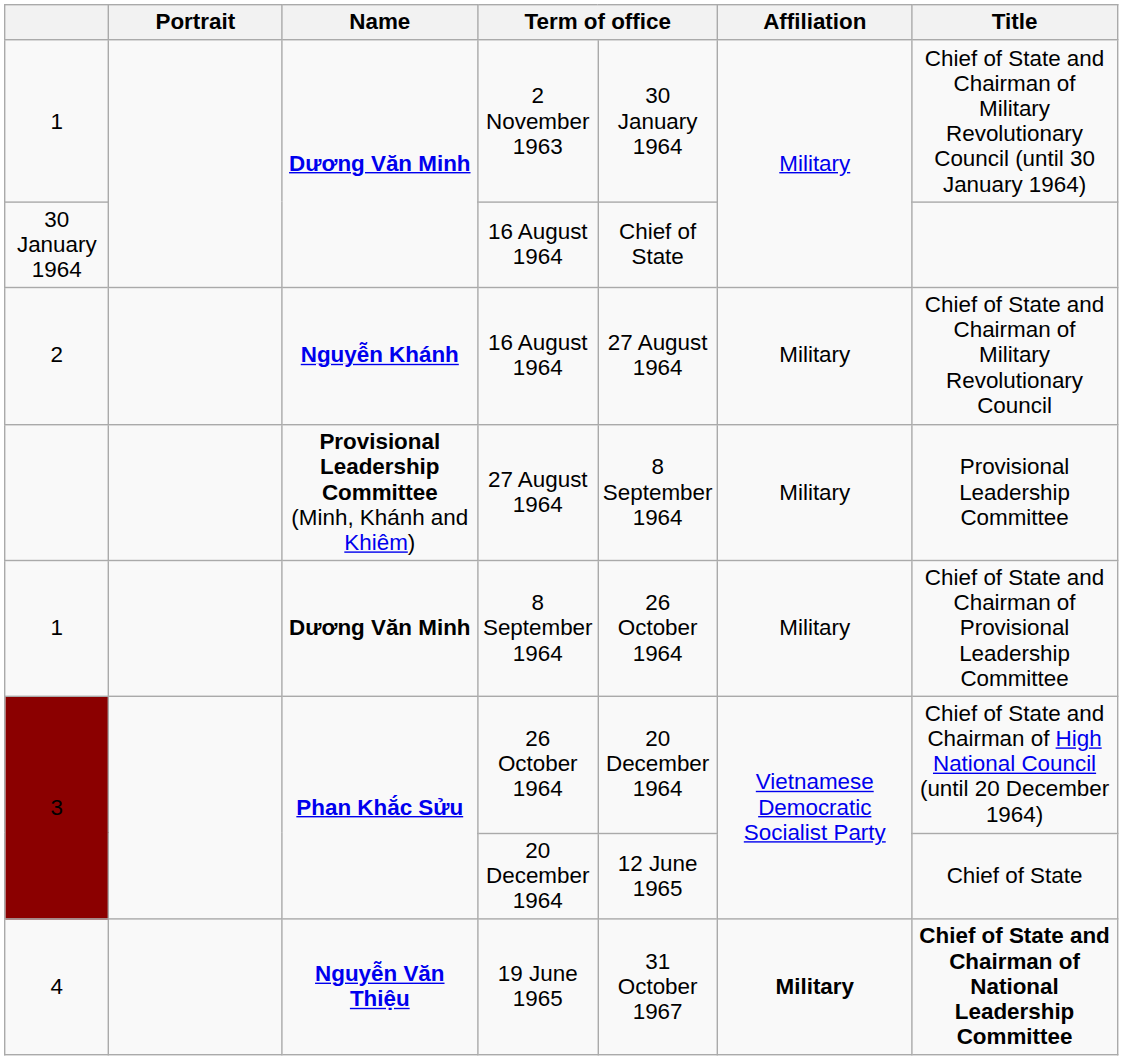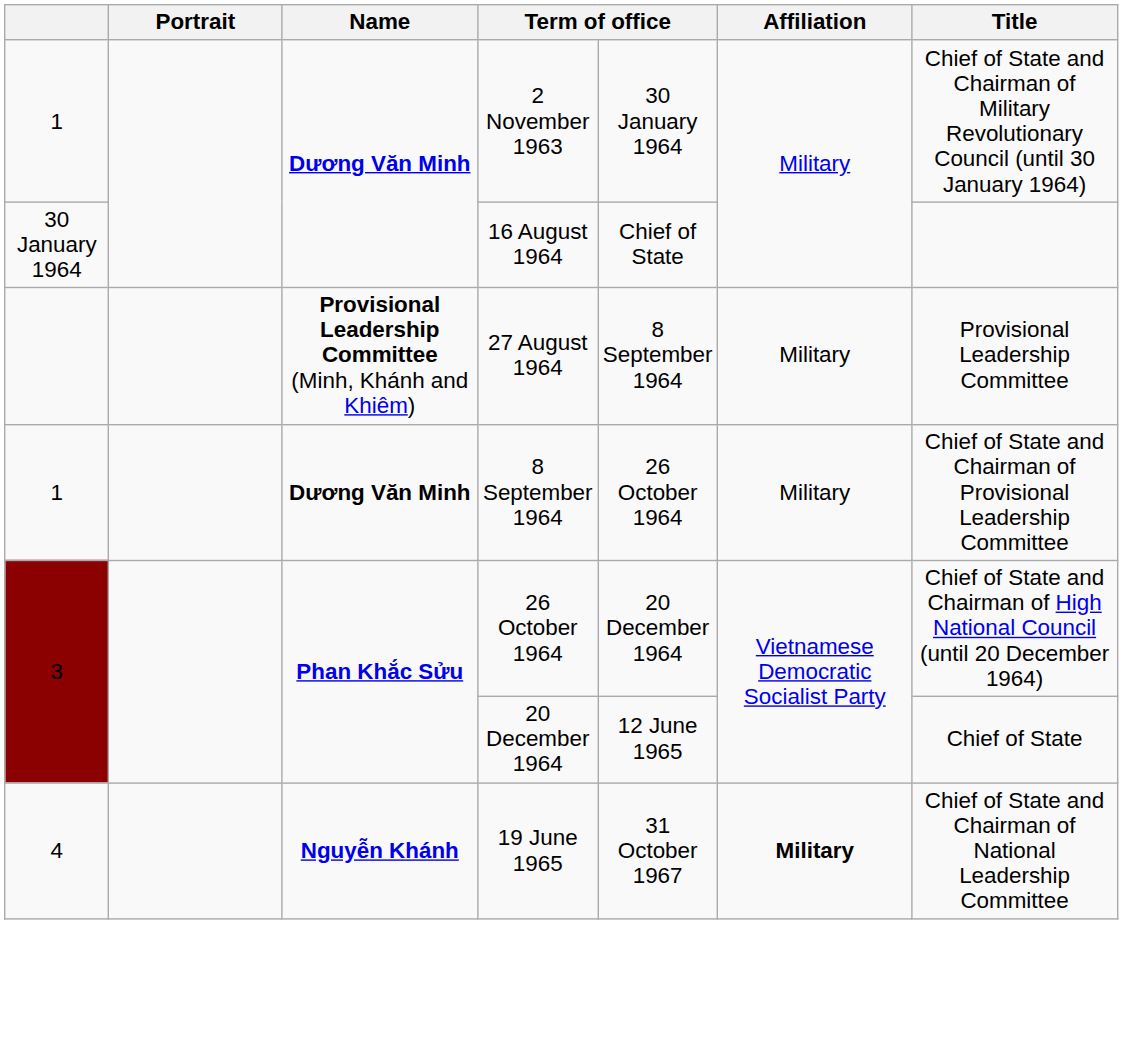 <table class="wikitable" width=90%>
 <tr>
 <th scope="col" style="width:5em;"></th>
 <th scope="col" style="width:12em;">Portrait</th>
 <th scope="col" style="width:12em;">Name<br></th>
 <th colspan="2" scope="col" style="width:12em;">Term of office</th>
 <th scope="col" style="width:12em;">Affiliation</th>
 <th scope="col" style="width:12em;">Title</th>
 </tr>
 <tr>
 <td align="center" style="background: ">1</td>
 <td align="center" rowspan="2"></td>
 <td align="center" scope="row" style="font-weight:normal;" rowspan="2"><strong><a href='#'>Dương Văn Minh</a></strong><br></td>
 <td align="center">2 November 1963</td>
 <td align="center">30 January 1964</td>
 <td align="center" rowspan="2"><a href='#'>Military</a></td>
 <td align="center">Chief of State and <br> Chairman of Military Revolutionary Council (until 30 January 1964)</td>
 </tr>
 <tr>
 <td align="center">30 January 1964</td>
 <td align="center">16 August 1964</td>
 <td align="center">Chief of State</td>
-</tr>
-<tr>
-<td align="center" style="background: ">2</td>
-<td align="center"></td>
-<td align="center" scope="row" style="font-weight:normal;"><strong><a href='#'>Nguyễn Khánh</a></strong><br></td>
-<td align="center">16 August 1964</td>
-<td align="center">27 August 1964</td>
-<td align="center">Military</td>
-<td align="center">Chief of State and <br> Chairman of Military Revolutionary Council</td>
 </tr>
 <tr>
 <td align="center" style="background: "></td>
 <td align="center"></td>
 <td align="center" scope="row" style="font-weight:normal;"><strong>Provisional Leadership Committee</strong> <br> (Minh, Khánh and <a href='#'>Khiêm</a>)</td>
 <td align="center">27 August 1964</td>
 <td align="center">8 September 1964</td>
 <td align="center">Military</td>
 <td align="center">Provisional Leadership Committee</td>
 </tr>
 <tr>
 <td align="center" style="background: ">1</td>
 <td align="center"></td>
 <td align="center" scope="row" style="font-weight:normal;"><strong>Dương Văn Minh</strong><br></td>
 <td align="center">8 September 1964</td>
 <td align="center">26 October 1964</td>
 <td align="center">Military</td>
 <td align="center">Chief of State and <br> Chairman of Provisional Leadership Committee</td>
 </tr>
 <tr>
 <td align="center" style="background: darkred;" rowspan="2">3</td>
 <td align="center" rowspan="2"></td>
 <td align="center" scope="row" style="font-weight:normal;" rowspan="2"><strong><a href='#'>Phan Khắc Sửu</a></strong><br></td>
 <td align="center">26 October 1964</td>
 <td align="center">20 December 1964</td>
 <td align="center" rowspan="2"><a href='#'>Vietnamese Democratic Socialist Party</a></td>
 <td align="center">Chief of State and <br> Chairman of <a href='#'>High National Council</a> (until 20 December 1964)</td>
 </tr>
 <tr>
 <td align="center">20 December 1964</td>
 <td align="center">12 June 1965</td>
 <td align="center">Chief of State</td>
 </tr>
 <tr>
 <td align="center" style="background: ">4</td>
 <td align="center"></td>
-<td align="center" scope="row" style="font-weight:normal;"><strong><a href='#'>Nguyễn Văn Thiệu</a></strong><br></td>
+<td align="center" scope="row" style="font-weight:normal;"><strong><a href='#'>Nguyễn Khánh</a></strong><br></td>
 <td align="center">19 June 1965</td>
 <td align="center">31 October 1967</td>
 <td align="center"><strong>Military</strong></td>
-<td align="center"><strong>Chief of State and <br> Chairman of National Leadership Committee</strong></td>
+<td align="center">Chief of State and <br> Chairman of National Leadership Committee</td>
 </tr>
 </table>
